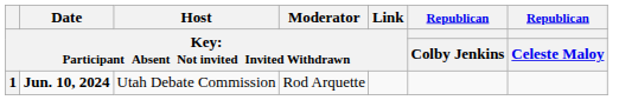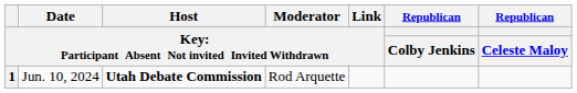 <table class="wikitable" style="text-align:center;">
 <tr>
 <th scope="col"></th>
 <th scope="col">Date</th>
 <th scope="col">Host</th>
 <th scope="col">Moderator</th>
 <th scope="col">Link</th>
 <th scope="col"><small><a href='#'>Republican</a></small></th>
 <th scope="col"><small><a href='#'>Republican</a></small></th>
 </tr>
 <tr>
 <th colspan="5" rowspan="2">Key:<br> <small>Participant </small>  <small>Absent </small>  <small>Not invited </small>  <small>Invited  Withdrawn</small></th>
 <th scope="col" style="background:"></th>
 <th scope="col" style="background:"></th>
 </tr>
 <tr>
 <th scope="col">Colby Jenkins</th>
 <th scope="col"><a href='#'>Celeste Maloy</a></th>
 </tr>
 <tr>
 <th>1</th>
-<td style="white-space:nowrap;"><strong>Jun. 10, 2024</strong></td>
-<td style="white-space:nowrap;">Utah Debate Commission</td>
+<td style="white-space:nowrap;">Jun. 10, 2024</td>
+<td style="white-space:nowrap;"><strong>Utah Debate Commission</strong></td>
 <td style="white-space:nowrap;">Rod Arquette</td>
 <td style="white-space:nowrap;"></td>
 <td></td>
 <td></td>
 </tr>
 </table>
